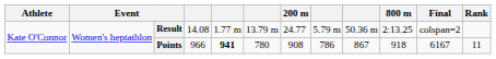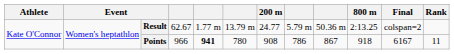 <table class=wikitable style=font-size:90%;text-align:center>
 <tr>
 <th>Athlete</th>
 <th colspan="2">Event</th>
 <th></th>
 <th></th>
 <th></th>
 <th>200 m</th>
 <th></th>
 <th></th>
 <th>800 m</th>
 <th>Final</th>
 <th>Rank</th>
 </tr>
 <tr align=center>
 <td rowspan=2 align=left><a href='#'>Kate O'Connor</a></td>
 <td rowspan=2><a href='#'>Women's heptathlon</a></td>
 <th style=font-size:95%>Result</th>
-<td>14.08</td>
+<td>62.67</td>
 <td>1.77 m <strong></strong></td>
 <td>13.79 m</td>
 <td>24.77 <strong></strong></td>
 <td>5.79 m</td>
 <td>50.36 m</td>
 <td>2:13.25 <strong></strong></td>
 <td>colspan=2 </td>
 </tr>
 <tr align=center>
 <th style=font-size:95%>Points</th>
 <td>966</td>
 <td><strong>941</strong></td>
 <td>780</td>
 <td>908</td>
 <td>786</td>
 <td>867</td>
 <td>918</td>
 <td>6167</td>
 <td>11</td>
 </tr>
 </table>
